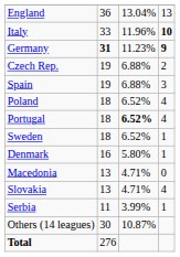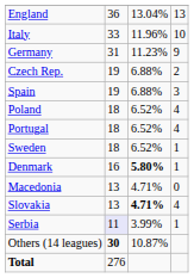 <table class="wikitable">
 <tr>
 </tr>
 <tr>
 <td> <a href='#'>England</a></td>
 <td>36</td>
 <td>13.04%</td>
 <td>13</td>
 </tr>
 <tr>
 <td> <a href='#'>Italy</a></td>
 <td>33</td>
 <td>11.96%</td>
-<td><strong>10</strong></td>
+<td>10</td>
 </tr>
 <tr>
 <td> <a href='#'>Germany</a></td>
-<td><strong>31</strong></td>
+<td>31</td>
 <td>11.23%</td>
-<td><strong>9</strong></td>
+<td>9</td>
 </tr>
 <tr>
 <td> <a href='#'>Czech Rep.</a></td>
 <td>19</td>
 <td>6.88%</td>
 <td>2</td>
 </tr>
 <tr>
 <td> <a href='#'>Spain</a></td>
 <td>19</td>
 <td>6.88%</td>
 <td>3</td>
 </tr>
 <tr>
 <td> <a href='#'>Poland</a></td>
 <td>18</td>
 <td>6.52%</td>
 <td>4</td>
 </tr>
 <tr>
 <td> <a href='#'>Portugal</a></td>
 <td>18</td>
-<td><strong>6.52%</strong></td>
+<td>6.52%</td>
 <td>4</td>
 </tr>
 <tr>
 <td> <a href='#'>Sweden</a></td>
 <td>18</td>
 <td>6.52%</td>
 <td>1</td>
 </tr>
 <tr>
 <td> <a href='#'>Denmark</a></td>
 <td>16</td>
-<td>5.80%</td>
+<td><strong>5.80%</strong></td>
 <td>1</td>
 </tr>
 <tr>
 <td> <a href='#'>Macedonia</a></td>
 <td>13</td>
 <td>4.71%</td>
 <td>0</td>
 </tr>
 <tr>
 <td> <a href='#'>Slovakia</a></td>
 <td>13</td>
-<td>4.71%</td>
+<td><strong>4.71%</strong></td>
 <td>4</td>
 </tr>
 <tr>
 <td> <a href='#'>Serbia</a></td>
-<td>11</td>
+<td style="background: lavender;">11</td>
 <td>3.99%</td>
 <td>1</td>
 </tr>
 <tr>
 <td>Others (14 leagues)</td>
-<td>30</td>
+<td><strong>30</strong></td>
 <td>10.87%</td>
 <td></td>
 </tr>
 <tr>
 <td><strong>Total</strong></td>
 <td>276</td>
 <td></td>
 <td></td>
 </tr>
 </table>
